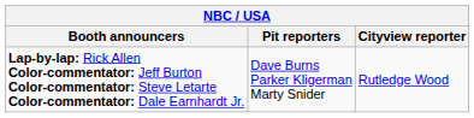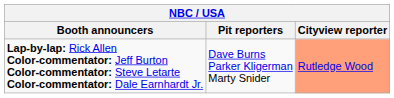 <table class="wikitable" style="font-size: 95%">
 <tr>
 <th colspan="3"><a href='#'>NBC / USA</a></th>
 </tr>
 <tr>
 <th>Booth announcers</th>
 <th>Pit reporters</th>
 <th>Cityview reporter</th>
 </tr>
 <tr>
 <td><strong>Lap-by-lap:</strong> <a href='#'>Rick Allen</a><br><strong>Color-commentator:</strong> <a href='#'>Jeff Burton</a><br><strong>Color-commentator:</strong> <a href='#'>Steve Letarte</a><br><strong>Color-commentator:</strong> <a href='#'>Dale Earnhardt Jr.</a></td>
 <td><a href='#'>Dave Burns</a><br> <a href='#'>Parker Kligerman</a><br> Marty Snider</td>
-<td><a href='#'>Rutledge Wood</a></td>
+<td style="background: lightsalmon;"><a href='#'>Rutledge Wood</a></td>
 </tr>
 </table>
